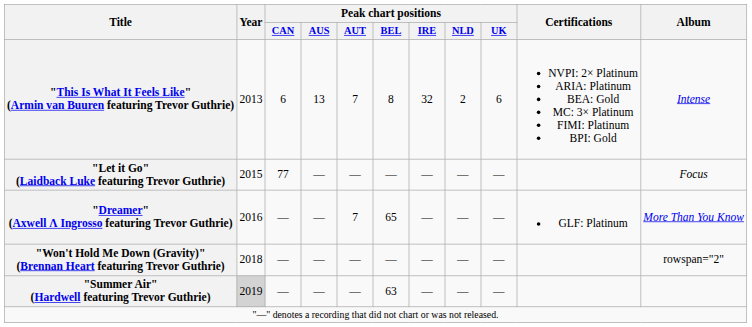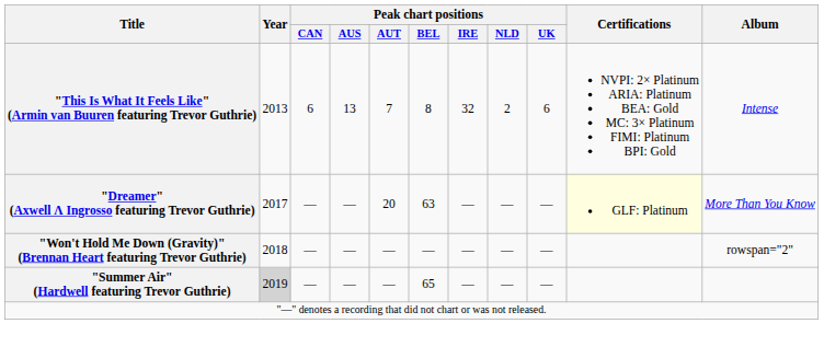 <table class="wikitable plainrowheaders" style="text-align:center;">
 <tr>
 <th scope="col" rowspan="2">Title</th>
 <th scope="col" rowspan="2">Year</th>
 <th scope="col" colspan="7">Peak chart positions</th>
 <th scope="col" rowspan="2">Certifications</th>
 <th scope="col" rowspan="2">Album</th>
 </tr>
 <tr>
 <th scope="col" style="width:3em;font-size:90%;"><a href='#'>CAN</a><br></th>
 <th scope="col" style="width:3em;font-size:90%;"><a href='#'>AUS</a><br></th>
 <th scope="col" style="width:3em;font-size:90%;"><a href='#'>AUT</a><br></th>
 <th scope="col" style="width:3em;font-size:90%;"><a href='#'>BEL</a><br></th>
 <th scope="col" style="width:3em;font-size:90%;"><a href='#'>IRE</a><br></th>
 <th scope="col" style="width:3em;font-size:90%;"><a href='#'>NLD</a><br></th>
 <th scope="col" style="width:3em;font-size:90%;"><a href='#'>UK</a><br></th>
 </tr>
 <tr>
 <th scope="row">"<a href='#'>This Is What It Feels Like</a>"<br><span>(<a href='#'>Armin van Buuren</a> featuring Trevor Guthrie)</span></th>
 <td>2013</td>
 <td>6</td>
 <td>13</td>
 <td>7</td>
 <td>8</td>
 <td>32</td>
 <td>2</td>
 <td>6</td>
 <td><br><ul><li>NVPI: 2× Platinum</li><li>ARIA: Platinum</li><li>BEA: Gold</li><li>MC: 3× Platinum</li><li>FIMI: Platinum</li><li>BPI: Gold</li></ul></td>
 <td><em><a href='#'>Intense</a></em></td>
 </tr>
 <tr>
-<th scope="row">"Let it Go"<br><span>(<a href='#'>Laidback Luke</a> featuring Trevor Guthrie)</span></th>
-<td>2015</td>
-<td>77</td>
+<th scope="row">"<a href='#'>Dreamer</a>"<br><span>(<a href='#'>Axwell Λ Ingrosso</a> featuring Trevor Guthrie)</span></th>
+<td>2017</td>
+<td>—</td>
+<td>—</td>
+<td>20</td>
+<td>63</td>
 <td>—</td>
 <td>—</td>
 <td>—</td>
-<td>—</td>
-<td>—</td>
-<td>—</td>
-<td></td>
-<td><em>Focus</em></td>
-</tr>
-<tr>
-<th scope="row">"<a href='#'>Dreamer</a>"<br><span>(<a href='#'>Axwell Λ Ingrosso</a> featuring Trevor Guthrie)</span></th>
-<td>2016</td>
-<td>—</td>
-<td>—</td>
-<td>7</td>
-<td>65</td>
-<td>—</td>
-<td>—</td>
-<td>—</td>
-<td><br><ul><li>GLF: Platinum</li></ul></td>
+<td style="background: lightyellow;"><br><ul><li>GLF: Platinum</li></ul></td>
 <td><em><a href='#'>More Than You Know</a></em></td>
 </tr>
 <tr>
 <th scope="row">"Won't Hold Me Down (Gravity)"<br><span>(<a href='#'>Brennan Heart</a> featuring Trevor Guthrie)</span></th>
 <td>2018</td>
 <td>—</td>
 <td>—</td>
 <td>—</td>
 <td>—</td>
 <td>—</td>
 <td>—</td>
 <td>—</td>
 <td></td>
 <td>rowspan="2" </td>
 </tr>
 <tr>
 <th scope="row">"Summer Air" <br><span>(<a href='#'>Hardwell</a> featuring Trevor Guthrie)</span></th>
 <td style="background: lightgrey;">2019</td>
 <td>—</td>
 <td>—</td>
 <td>—</td>
-<td>63</td>
+<td>65</td>
 <td>—</td>
 <td>—</td>
 <td>—</td>
 <td></td>
 </tr>
 <tr>
 <td colspan="11" style="font-size:85%">"—" denotes a recording that did not chart or was not released.</td>
 </tr>
 </table>
